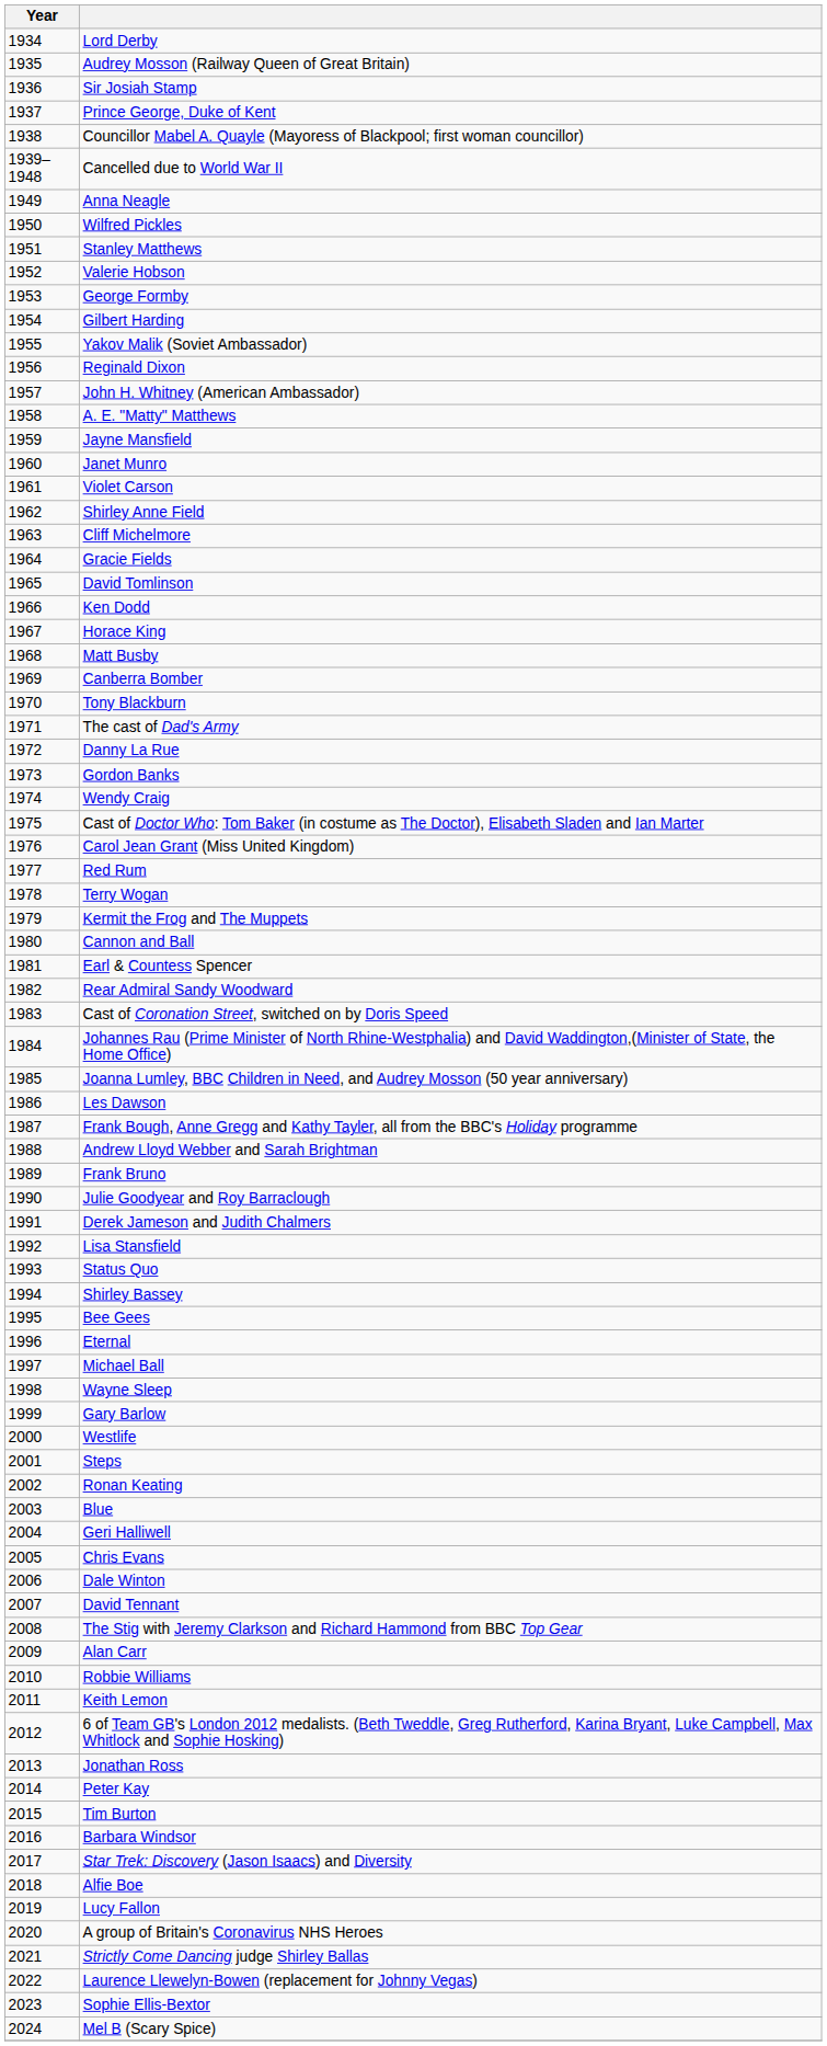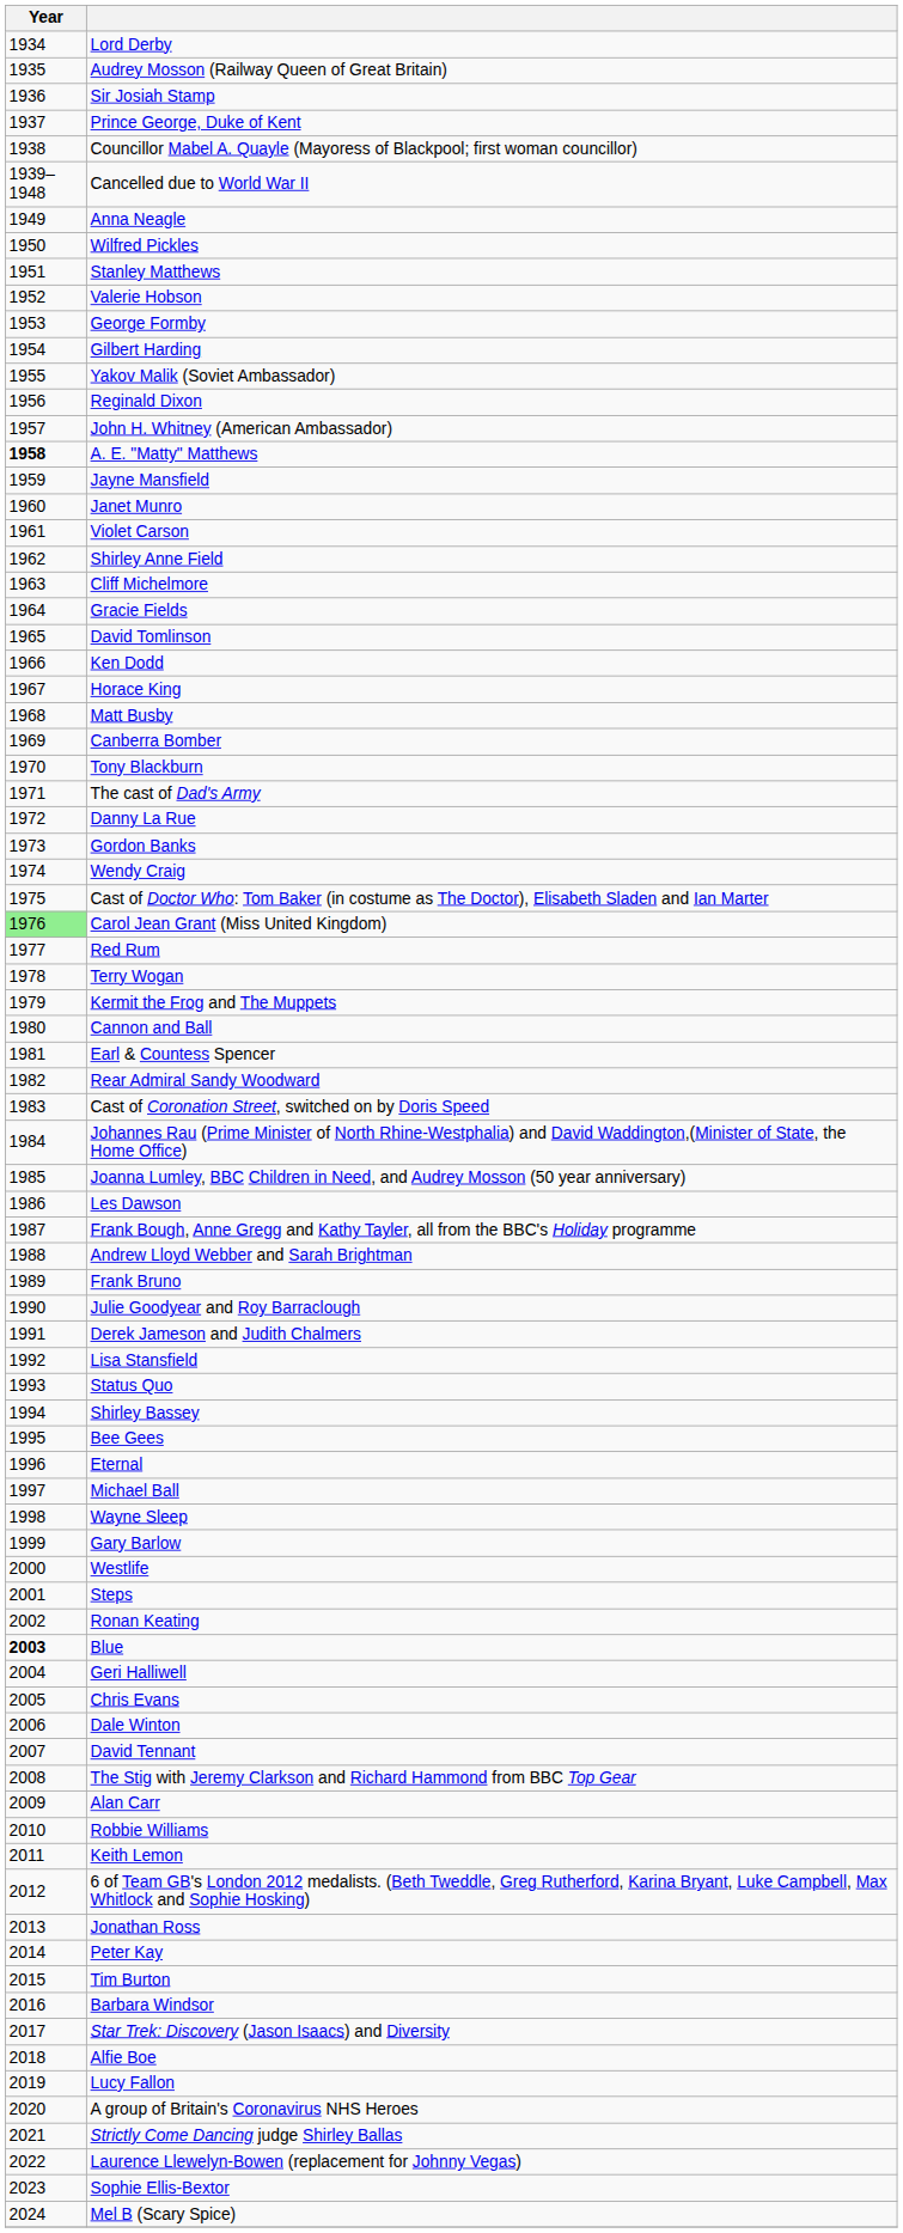 <table class="wikitable">
 <tr>
 <th>Year</th>
 <th></th>
 </tr>
 <tr>
 <td>1934</td>
 <td><a href='#'>Lord Derby</a></td>
 </tr>
 <tr>
 <td>1935</td>
 <td><a href='#'>Audrey Mosson</a> (Railway Queen of Great Britain)</td>
 </tr>
 <tr>
 <td>1936</td>
 <td><a href='#'>Sir Josiah Stamp</a></td>
 </tr>
 <tr>
 <td>1937</td>
 <td><a href='#'>Prince George, Duke of Kent</a></td>
 </tr>
 <tr>
 <td>1938</td>
 <td>Councillor <a href='#'>Mabel A. Quayle</a> (Mayoress of Blackpool; first woman councillor)</td>
 </tr>
 <tr>
 <td>1939–1948</td>
 <td>Cancelled due to <a href='#'>World War II</a></td>
 </tr>
 <tr>
 <td>1949</td>
 <td><a href='#'>Anna Neagle</a></td>
 </tr>
 <tr>
 <td>1950</td>
 <td><a href='#'>Wilfred Pickles</a></td>
 </tr>
 <tr>
 <td>1951</td>
 <td><a href='#'>Stanley Matthews</a></td>
 </tr>
 <tr>
 <td>1952</td>
 <td><a href='#'>Valerie Hobson</a></td>
 </tr>
 <tr>
 <td>1953</td>
 <td><a href='#'>George Formby</a></td>
 </tr>
 <tr>
 <td>1954</td>
 <td><a href='#'>Gilbert Harding</a></td>
 </tr>
 <tr>
 <td>1955</td>
 <td><a href='#'>Yakov Malik</a> (Soviet Ambassador)</td>
 </tr>
 <tr>
 <td>1956</td>
 <td><a href='#'>Reginald Dixon</a></td>
 </tr>
 <tr>
 <td>1957</td>
 <td><a href='#'>John H. Whitney</a> (American Ambassador)</td>
 </tr>
 <tr>
-<td>1958</td>
+<td><strong>1958</strong></td>
 <td><a href='#'>A. E. "Matty" Matthews</a></td>
 </tr>
 <tr>
 <td>1959</td>
 <td><a href='#'>Jayne Mansfield</a></td>
 </tr>
 <tr>
 <td>1960</td>
 <td><a href='#'>Janet Munro</a></td>
 </tr>
 <tr>
 <td>1961</td>
 <td><a href='#'>Violet Carson</a></td>
 </tr>
 <tr>
 <td>1962</td>
 <td><a href='#'>Shirley Anne Field</a></td>
 </tr>
 <tr>
 <td>1963</td>
 <td><a href='#'>Cliff Michelmore</a></td>
 </tr>
 <tr>
 <td>1964</td>
 <td><a href='#'>Gracie Fields</a></td>
 </tr>
 <tr>
 <td>1965</td>
 <td><a href='#'>David Tomlinson</a></td>
 </tr>
 <tr>
 <td>1966</td>
 <td><a href='#'>Ken Dodd</a></td>
 </tr>
 <tr>
 <td>1967</td>
 <td><a href='#'>Horace King</a></td>
 </tr>
 <tr>
 <td>1968</td>
 <td><a href='#'>Matt Busby</a></td>
 </tr>
 <tr>
 <td>1969</td>
 <td><a href='#'>Canberra Bomber</a></td>
 </tr>
 <tr>
 <td>1970</td>
 <td><a href='#'>Tony Blackburn</a></td>
 </tr>
 <tr>
 <td>1971</td>
 <td>The cast of <em><a href='#'>Dad's Army</a></em></td>
 </tr>
 <tr>
 <td>1972</td>
 <td><a href='#'>Danny La Rue</a></td>
 </tr>
 <tr>
 <td>1973</td>
 <td><a href='#'>Gordon Banks</a></td>
 </tr>
 <tr>
 <td>1974</td>
 <td><a href='#'>Wendy Craig</a></td>
 </tr>
 <tr>
 <td>1975</td>
 <td>Cast of <em><a href='#'>Doctor Who</a></em>: <a href='#'>Tom Baker</a> (in costume as <a href='#'>The Doctor</a>), <a href='#'>Elisabeth Sladen</a> and <a href='#'>Ian Marter</a></td>
 </tr>
 <tr>
-<td>1976</td>
+<td style="background: lightgreen;">1976</td>
 <td><a href='#'>Carol Jean Grant</a> (Miss United Kingdom)</td>
 </tr>
 <tr>
 <td>1977</td>
 <td><a href='#'>Red Rum</a></td>
 </tr>
 <tr>
 <td>1978</td>
 <td><a href='#'>Terry Wogan</a></td>
 </tr>
 <tr>
 <td>1979</td>
 <td><a href='#'>Kermit the Frog</a> and <a href='#'>The Muppets</a></td>
 </tr>
 <tr>
 <td>1980</td>
 <td><a href='#'>Cannon and Ball</a></td>
 </tr>
 <tr>
 <td>1981</td>
 <td><a href='#'>Earl</a> & <a href='#'>Countess</a> Spencer</td>
 </tr>
 <tr>
 <td>1982</td>
 <td><a href='#'>Rear Admiral Sandy Woodward</a></td>
 </tr>
 <tr>
 <td>1983</td>
 <td>Cast of <em><a href='#'>Coronation Street</a></em>, switched on by <a href='#'>Doris Speed</a></td>
 </tr>
 <tr>
 <td>1984</td>
 <td><a href='#'>Johannes Rau</a> (<a href='#'>Prime Minister</a> of <a href='#'>North Rhine-Westphalia</a>) and <a href='#'>David Waddington</a>,(<a href='#'>Minister of State</a>, the <a href='#'>Home Office</a>)</td>
 </tr>
 <tr>
 <td>1985</td>
 <td><a href='#'>Joanna Lumley</a>, <a href='#'>BBC</a> <a href='#'>Children in Need</a>, and <a href='#'>Audrey Mosson</a> (50 year anniversary)</td>
 </tr>
 <tr>
 <td>1986</td>
 <td><a href='#'>Les Dawson</a></td>
 </tr>
 <tr>
 <td>1987</td>
 <td><a href='#'>Frank Bough</a>, <a href='#'>Anne Gregg</a> and <a href='#'>Kathy Tayler</a>, all from the BBC's <em><a href='#'>Holiday</a></em> programme</td>
 </tr>
 <tr>
 <td>1988</td>
 <td><a href='#'>Andrew Lloyd Webber</a> and <a href='#'>Sarah Brightman</a></td>
 </tr>
 <tr>
 <td>1989</td>
 <td><a href='#'>Frank Bruno</a></td>
 </tr>
 <tr>
 <td>1990</td>
 <td><a href='#'>Julie Goodyear</a> and <a href='#'>Roy Barraclough</a></td>
 </tr>
 <tr>
 <td>1991</td>
 <td><a href='#'>Derek Jameson</a> and <a href='#'>Judith Chalmers</a></td>
 </tr>
 <tr>
 <td>1992</td>
 <td><a href='#'>Lisa Stansfield</a></td>
 </tr>
 <tr>
 <td>1993</td>
 <td><a href='#'>Status Quo</a></td>
 </tr>
 <tr>
 <td>1994</td>
 <td><a href='#'>Shirley Bassey</a></td>
 </tr>
 <tr>
 <td>1995</td>
 <td><a href='#'>Bee Gees</a></td>
 </tr>
 <tr>
 <td>1996</td>
 <td><a href='#'>Eternal</a></td>
 </tr>
 <tr>
 <td>1997</td>
 <td><a href='#'>Michael Ball</a></td>
 </tr>
 <tr>
 <td>1998</td>
 <td><a href='#'>Wayne Sleep</a></td>
 </tr>
 <tr>
 <td>1999</td>
 <td><a href='#'>Gary Barlow</a></td>
 </tr>
 <tr>
 <td>2000</td>
 <td><a href='#'>Westlife</a></td>
 </tr>
 <tr>
 <td>2001</td>
 <td><a href='#'>Steps</a></td>
 </tr>
 <tr>
 <td>2002</td>
 <td><a href='#'>Ronan Keating</a></td>
 </tr>
 <tr>
-<td>2003</td>
+<td><strong>2003</strong></td>
 <td><a href='#'>Blue</a></td>
 </tr>
 <tr>
 <td>2004</td>
 <td><a href='#'>Geri Halliwell</a></td>
 </tr>
 <tr>
 <td>2005</td>
 <td><a href='#'>Chris Evans</a></td>
 </tr>
 <tr>
 <td>2006</td>
 <td><a href='#'>Dale Winton</a></td>
 </tr>
 <tr>
 <td>2007</td>
 <td><a href='#'>David Tennant</a></td>
 </tr>
 <tr>
 <td>2008</td>
 <td><a href='#'>The Stig</a> with <a href='#'>Jeremy Clarkson</a> and <a href='#'>Richard Hammond</a> from BBC <em><a href='#'>Top Gear</a></em></td>
 </tr>
 <tr>
 <td>2009</td>
 <td><a href='#'>Alan Carr</a></td>
 </tr>
 <tr>
 <td>2010</td>
 <td><a href='#'>Robbie Williams</a></td>
 </tr>
 <tr>
 <td>2011</td>
 <td><a href='#'>Keith Lemon</a></td>
 </tr>
 <tr>
 <td>2012</td>
 <td>6 of <a href='#'>Team GB</a>'s <a href='#'>London 2012</a> medalists. (<a href='#'>Beth Tweddle</a>, <a href='#'>Greg Rutherford</a>, <a href='#'>Karina Bryant</a>, <a href='#'>Luke Campbell</a>, <a href='#'>Max Whitlock</a> and <a href='#'>Sophie Hosking</a>)</td>
 </tr>
 <tr>
 <td>2013</td>
 <td><a href='#'>Jonathan Ross</a></td>
 </tr>
 <tr>
 <td>2014</td>
 <td><a href='#'>Peter Kay</a></td>
 </tr>
 <tr>
 <td>2015</td>
 <td><a href='#'>Tim Burton</a></td>
 </tr>
 <tr>
 <td>2016</td>
 <td><a href='#'>Barbara Windsor</a></td>
 </tr>
 <tr>
 <td>2017</td>
 <td><em><a href='#'>Star Trek: Discovery</a></em> (<a href='#'>Jason Isaacs</a>) and <a href='#'>Diversity</a></td>
 </tr>
 <tr>
 <td>2018</td>
 <td><a href='#'>Alfie Boe</a></td>
 </tr>
 <tr>
 <td>2019</td>
 <td><a href='#'>Lucy Fallon</a></td>
 </tr>
 <tr>
 <td>2020</td>
 <td>A group of Britain's <a href='#'>Coronavirus</a> NHS Heroes</td>
 </tr>
 <tr>
 <td>2021</td>
 <td><em><a href='#'>Strictly Come Dancing</a></em> judge <a href='#'>Shirley Ballas</a></td>
 </tr>
 <tr>
 <td>2022</td>
 <td><a href='#'>Laurence Llewelyn-Bowen</a> (replacement for <a href='#'>Johnny Vegas</a>)</td>
 </tr>
 <tr>
 <td>2023</td>
 <td><a href='#'>Sophie Ellis-Bextor</a></td>
 </tr>
 <tr>
 <td>2024</td>
 <td><a href='#'>Mel B</a> (Scary Spice)</td>
 </tr>
 <tr>
 </tr>
 </table>
